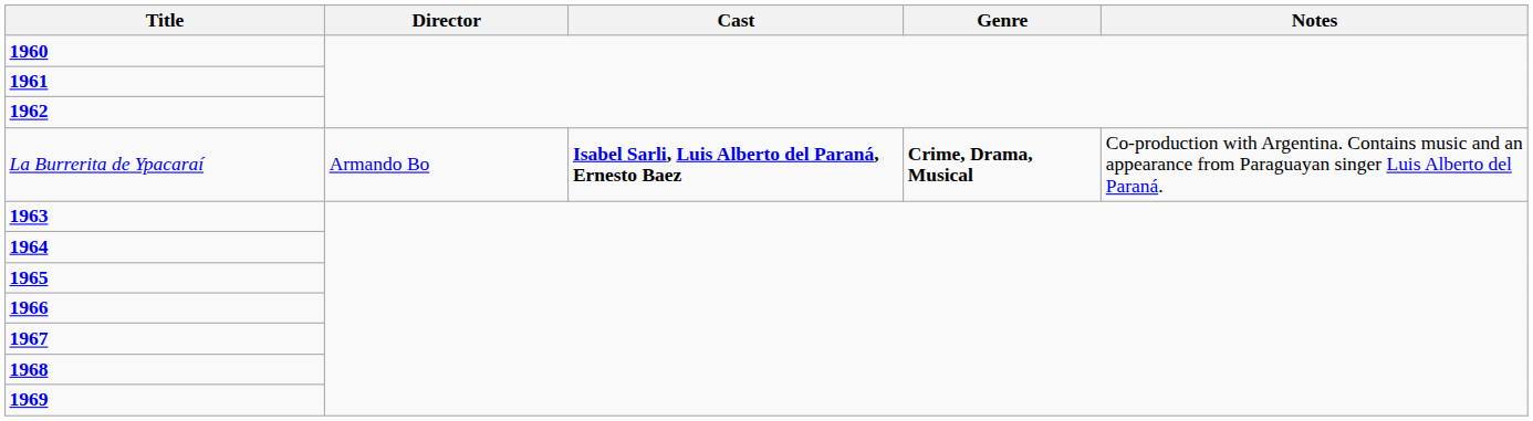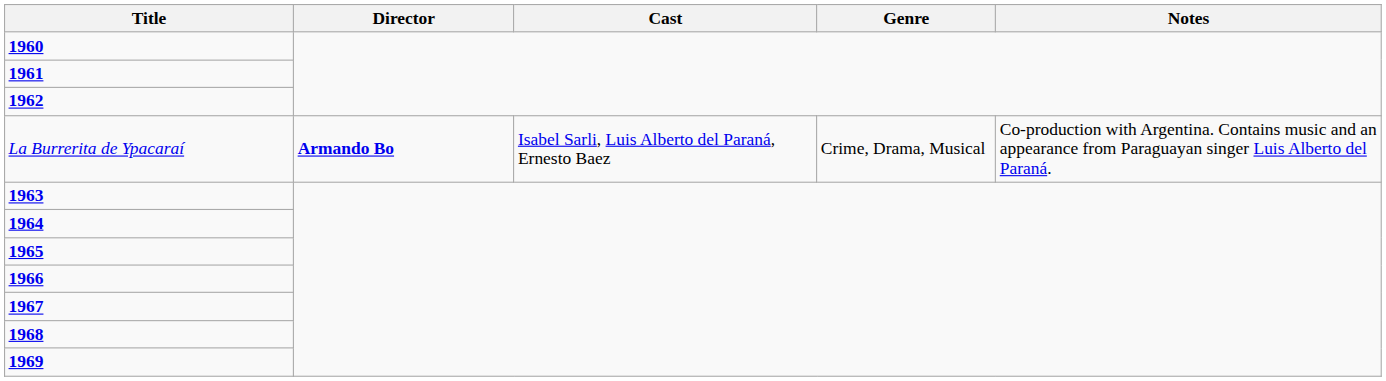 <table class="wikitable" width= "100%">
 <tr>
 <th width=21%>Title</th>
 <th width=16%>Director</th>
 <th width=22%>Cast</th>
 <th width=13%>Genre</th>
 <th width=28%>Notes</th>
 </tr>
 <tr>
 <td><strong><a href='#'>1960</a></strong></td>
 </tr>
 <tr>
 <td><strong><a href='#'>1961</a></strong></td>
 </tr>
 <tr>
 <td><strong><a href='#'>1962</a></strong></td>
 </tr>
 <tr>
 <td><em><a href='#'>La Burrerita de Ypacaraí</a></em></td>
-<td><a href='#'>Armando Bo</a></td>
-<td><strong><a href='#'>Isabel Sarli</a>, <a href='#'>Luis Alberto del Paraná</a>, Ernesto Baez</strong></td>
-<td><strong>Crime, Drama, Musical</strong></td>
+<td><strong><a href='#'>Armando Bo</a></strong></td>
+<td><a href='#'>Isabel Sarli</a>, <a href='#'>Luis Alberto del Paraná</a>, Ernesto Baez</td>
+<td>Crime, Drama, Musical</td>
 <td>Co-production with Argentina. Contains music and an appearance from Paraguayan singer <a href='#'>Luis Alberto del Paraná</a>.</td>
 </tr>
 <tr>
 <td><strong><a href='#'>1963</a></strong></td>
 </tr>
 <tr>
 <td><strong><a href='#'>1964</a></strong></td>
 </tr>
 <tr>
 <td><strong><a href='#'>1965</a></strong></td>
 </tr>
 <tr>
 <td><strong><a href='#'>1966</a></strong></td>
 </tr>
 <tr>
 <td><strong><a href='#'>1967</a></strong></td>
 </tr>
 <tr>
 <td><strong><a href='#'>1968</a></strong></td>
 </tr>
 <tr>
 <td><strong><a href='#'>1969</a></strong></td>
 </tr>
 </table>
